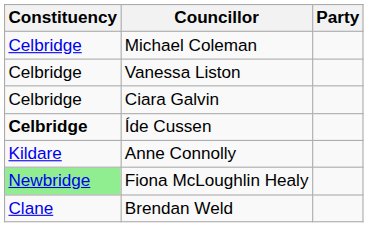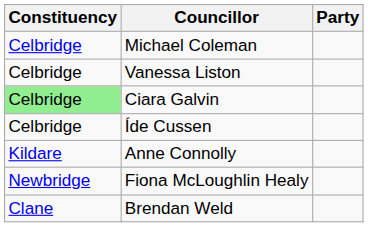 <table class="wikitable">
 <tr>
 <th>Constituency</th>
 <th>Councillor</th>
 <th colspan="2">Party</th>
 </tr>
 <tr>
 <td><a href='#'>Celbridge</a></td>
 <td>Michael Coleman</td>
 <td></td>
 </tr>
 <tr>
 <td>Celbridge</td>
 <td>Vanessa Liston</td>
 <td></td>
 </tr>
 <tr>
-<td>Celbridge</td>
+<td style="background: lightgreen;">Celbridge</td>
 <td>Ciara Galvin</td>
 <td></td>
 </tr>
 <tr>
-<td><strong>Celbridge</strong></td>
+<td>Celbridge</td>
 <td>Íde Cussen</td>
 <td></td>
 </tr>
 <tr>
 <td><a href='#'>Kildare</a></td>
 <td>Anne Connolly</td>
 <td></td>
 </tr>
 <tr>
-<td style="background: lightgreen;"><a href='#'>Newbridge</a></td>
+<td><a href='#'>Newbridge</a></td>
 <td>Fiona McLoughlin Healy</td>
 <td></td>
 </tr>
 <tr>
 <td><a href='#'>Clane</a></td>
 <td>Brendan Weld</td>
 <td></td>
 </tr>
 </table>
